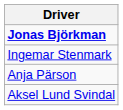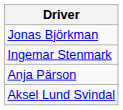 <table class="wikitable" style=font-size:90%;>
 <tr>
 <th>Driver</th>
 </tr>
 <tr>
-<td><strong> <a href='#'>Jonas Björkman</a></strong></td>
+<td> <a href='#'>Jonas Björkman</a></td>
 </tr>
 <tr>
 <td> <a href='#'>Ingemar Stenmark</a></td>
 </tr>
 <tr>
 <td> <a href='#'>Anja Pärson</a></td>
 </tr>
 <tr>
 <td> <a href='#'>Aksel Lund Svindal</a></td>
 </tr>
 </table>
